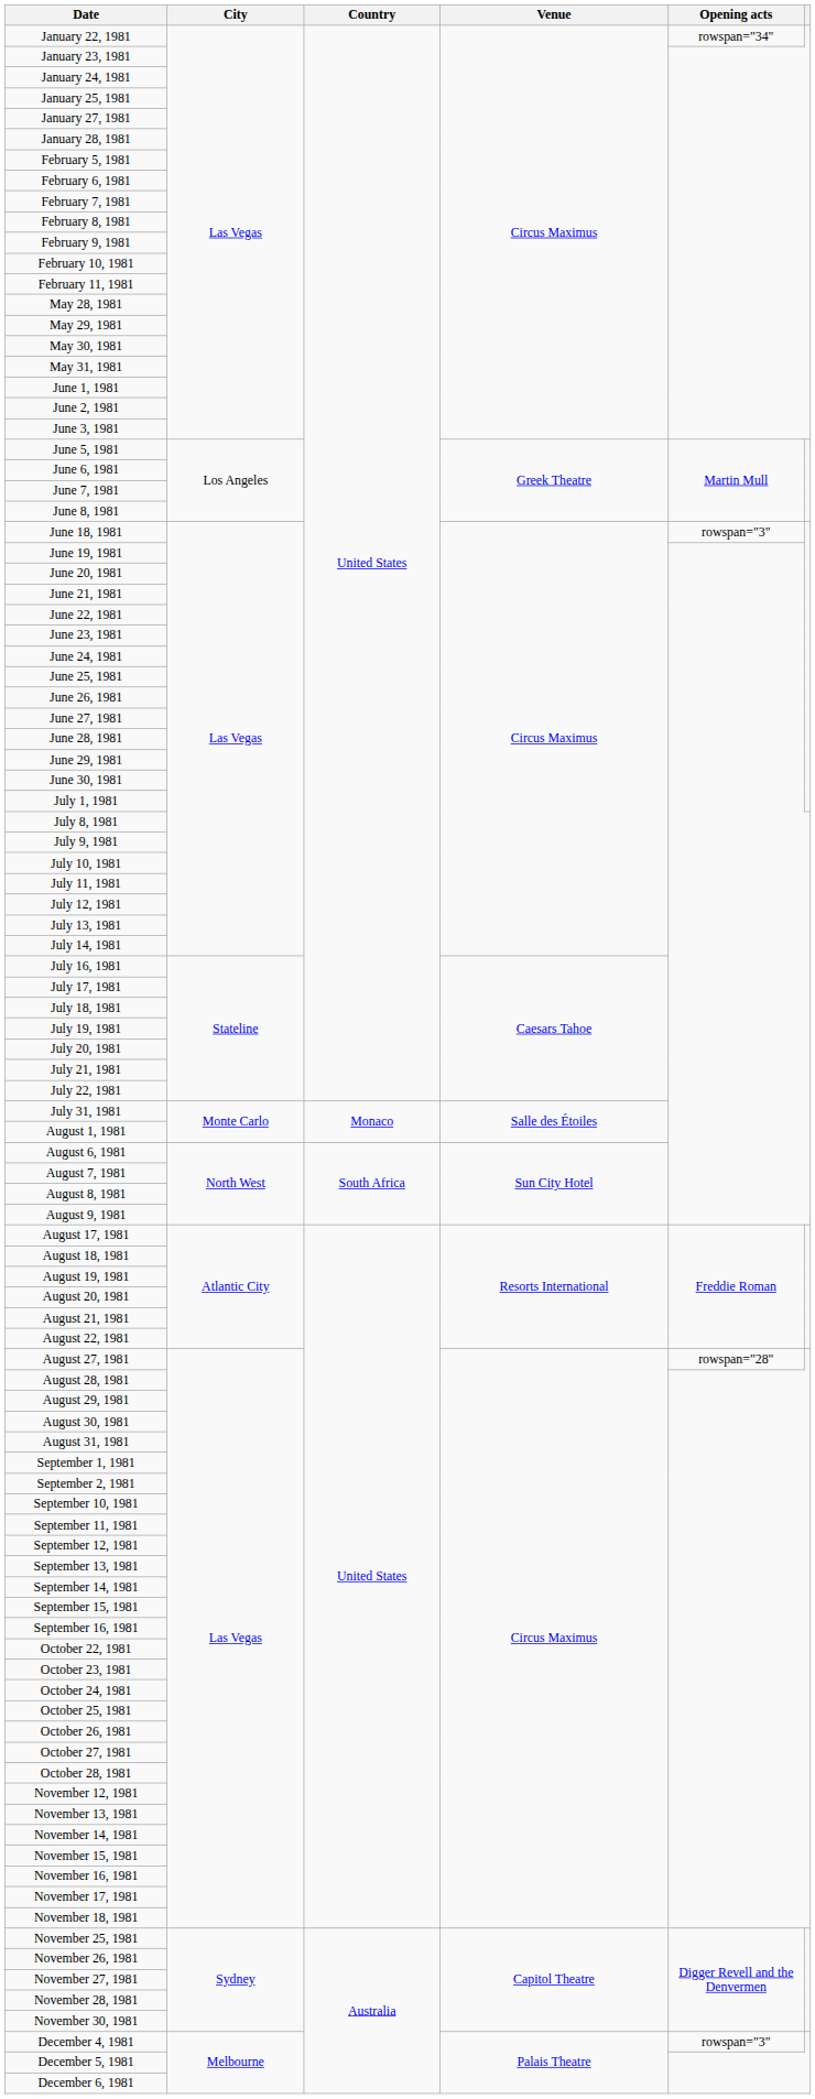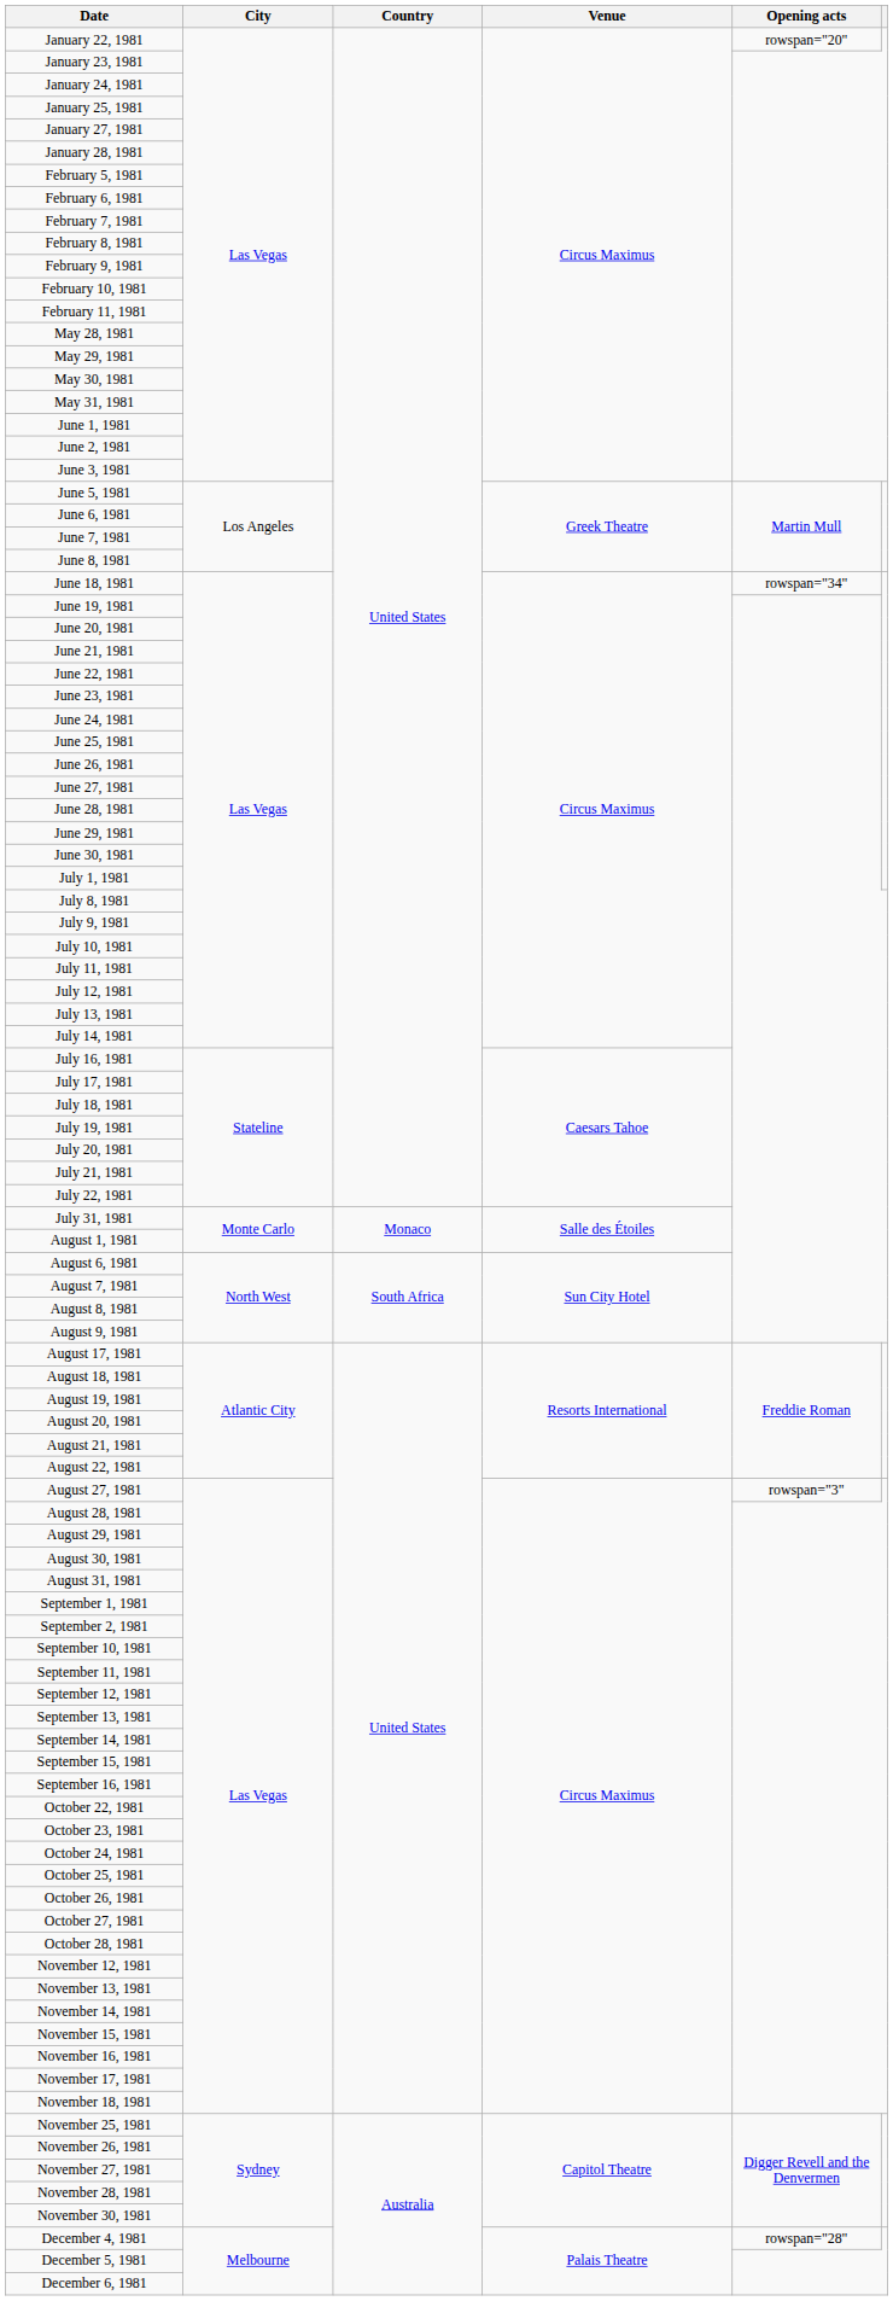 <table class="wikitable" id="1981" style="text-align:center;">
 <tr>
 <th scope="col" style="width:12em;">Date</th>
 <th scope="col" style="width:10em;">City</th>
 <th scope="col" style="width:10em;">Country</th>
 <th scope="col" style="width:17em;">Venue</th>
 <th scope="col" style="width:10em;">Opening acts</th>
 <th scope="col" class="unsortable"></th>
 </tr>
 <tr>
 <td>January 22, 1981</td>
 <td rowspan="20"><a href='#'>Las Vegas</a></td>
 <td rowspan="52"><a href='#'>United States</a></td>
 <td rowspan="20"><a href='#'>Circus Maximus</a></td>
-<td>rowspan="34" </td>
+<td>rowspan="20" </td>
 </tr>
 <tr>
 <td>January 23, 1981</td>
 </tr>
 <tr>
 <td>January 24, 1981</td>
 </tr>
 <tr>
 <td>January 25, 1981</td>
 </tr>
 <tr>
 <td>January 27, 1981</td>
 </tr>
 <tr>
 <td>January 28, 1981</td>
 </tr>
 <tr>
 <td>February 5, 1981</td>
 </tr>
 <tr>
 <td>February 6, 1981</td>
 </tr>
 <tr>
 <td>February 7, 1981</td>
 </tr>
 <tr>
 <td>February 8, 1981</td>
 </tr>
 <tr>
 <td>February 9, 1981</td>
 </tr>
 <tr>
 <td>February 10, 1981</td>
 </tr>
 <tr>
 <td>February 11, 1981</td>
 </tr>
 <tr>
 <td>May 28, 1981</td>
 </tr>
 <tr>
 <td>May 29, 1981</td>
 </tr>
 <tr>
 <td>May 30, 1981</td>
 </tr>
 <tr>
 <td>May 31, 1981</td>
 </tr>
 <tr>
 <td>June 1, 1981</td>
 </tr>
 <tr>
 <td>June 2, 1981</td>
 </tr>
 <tr>
 <td>June 3, 1981</td>
 </tr>
 <tr>
 <td>June 5, 1981</td>
 <td rowspan="4">Los Angeles</td>
 <td rowspan="4"><a href='#'>Greek Theatre</a></td>
 <td rowspan="4"><a href='#'>Martin Mull</a></td>
 <td rowspan="4"></td>
 </tr>
 <tr>
 <td>June 6, 1981</td>
 </tr>
 <tr>
 <td>June 7, 1981</td>
 </tr>
 <tr>
 <td>June 8, 1981</td>
 </tr>
 <tr>
 <td>June 18, 1981</td>
 <td rowspan="21"><a href='#'>Las Vegas</a></td>
 <td rowspan="21"><a href='#'>Circus Maximus</a></td>
-<td>rowspan="3" </td>
+<td>rowspan="34" </td>
 <td rowspan="14"></td>
 </tr>
 <tr>
 <td>June 19, 1981</td>
 </tr>
 <tr>
 <td>June 20, 1981</td>
 </tr>
 <tr>
 <td>June 21, 1981</td>
 </tr>
 <tr>
 <td>June 22, 1981</td>
 </tr>
 <tr>
 <td>June 23, 1981</td>
 </tr>
 <tr>
 <td>June 24, 1981</td>
 </tr>
 <tr>
 <td>June 25, 1981</td>
 </tr>
 <tr>
 <td>June 26, 1981</td>
 </tr>
 <tr>
 <td>June 27, 1981</td>
 </tr>
 <tr>
 <td>June 28, 1981</td>
 </tr>
 <tr>
 <td>June 29, 1981</td>
 </tr>
 <tr>
 <td>June 30, 1981</td>
 </tr>
 <tr>
 <td>July 1, 1981</td>
 </tr>
 <tr>
 <td>July 8, 1981</td>
 </tr>
 <tr>
 <td>July 9, 1981</td>
 </tr>
 <tr>
 <td>July 10, 1981</td>
 </tr>
 <tr>
 <td>July 11, 1981</td>
 </tr>
 <tr>
 <td>July 12, 1981</td>
 </tr>
 <tr>
 <td>July 13, 1981</td>
 </tr>
 <tr>
 <td>July 14, 1981</td>
 </tr>
 <tr>
 <td>July 16, 1981</td>
 <td rowspan="7"><a href='#'>Stateline</a></td>
 <td rowspan="7"><a href='#'>Caesars Tahoe</a></td>
 </tr>
 <tr>
 <td>July 17, 1981</td>
 </tr>
 <tr>
 <td>July 18, 1981</td>
 </tr>
 <tr>
 <td>July 19, 1981</td>
 </tr>
 <tr>
 <td>July 20, 1981</td>
 </tr>
 <tr>
 <td>July 21, 1981</td>
 </tr>
 <tr>
 <td>July 22, 1981</td>
 </tr>
 <tr>
 <td>July 31, 1981</td>
 <td rowspan="2"><a href='#'>Monte Carlo</a></td>
 <td rowspan="2"><a href='#'>Monaco</a></td>
 <td rowspan="2"><a href='#'>Salle des Étoiles</a></td>
 </tr>
 <tr>
 <td>August 1, 1981</td>
 </tr>
 <tr>
 <td>August 6, 1981</td>
 <td rowspan="4"><a href='#'>North West</a></td>
 <td rowspan="4"><a href='#'>South Africa</a></td>
 <td rowspan="4"><a href='#'>Sun City Hotel</a></td>
 </tr>
 <tr>
 <td>August 7, 1981</td>
 </tr>
 <tr>
 <td>August 8, 1981</td>
 </tr>
 <tr>
 <td>August 9, 1981</td>
 </tr>
 <tr>
 <td>August 17, 1981</td>
 <td rowspan="6"><a href='#'>Atlantic City</a></td>
 <td rowspan="34"><a href='#'>United States</a></td>
 <td rowspan="6"><a href='#'>Resorts International</a></td>
 <td rowspan="6"><a href='#'>Freddie Roman</a></td>
 <td rowspan="6"></td>
 </tr>
 <tr>
 <td>August 18, 1981</td>
 </tr>
 <tr>
 <td>August 19, 1981</td>
 </tr>
 <tr>
 <td>August 20, 1981</td>
 </tr>
 <tr>
 <td>August 21, 1981</td>
 </tr>
 <tr>
 <td>August 22, 1981</td>
 </tr>
 <tr>
 <td>August 27, 1981</td>
 <td rowspan="28"><a href='#'>Las Vegas</a></td>
 <td rowspan="28"><a href='#'>Circus Maximus</a></td>
-<td>rowspan="28" </td>
+<td>rowspan="3" </td>
 </tr>
 <tr>
 <td>August 28, 1981</td>
 </tr>
 <tr>
 <td>August 29, 1981</td>
 </tr>
 <tr>
 <td>August 30, 1981</td>
 </tr>
 <tr>
 <td>August 31, 1981</td>
 </tr>
 <tr>
 <td>September 1, 1981</td>
 </tr>
 <tr>
 <td>September 2, 1981</td>
 </tr>
 <tr>
 <td>September 10, 1981</td>
 </tr>
 <tr>
 <td>September 11, 1981</td>
 </tr>
 <tr>
 <td>September 12, 1981</td>
 </tr>
 <tr>
 <td>September 13, 1981</td>
 </tr>
 <tr>
 <td>September 14, 1981</td>
 </tr>
 <tr>
 <td>September 15, 1981</td>
 </tr>
 <tr>
 <td>September 16, 1981</td>
 </tr>
 <tr>
 <td>October 22, 1981</td>
 </tr>
 <tr>
 <td>October 23, 1981</td>
 </tr>
 <tr>
 <td>October 24, 1981</td>
 </tr>
 <tr>
 <td>October 25, 1981</td>
 </tr>
 <tr>
 <td>October 26, 1981</td>
 </tr>
 <tr>
 <td>October 27, 1981</td>
 </tr>
 <tr>
 <td>October 28, 1981</td>
 </tr>
 <tr>
 <td>November 12, 1981</td>
 </tr>
 <tr>
 <td>November 13, 1981</td>
 </tr>
 <tr>
 <td>November 14, 1981</td>
 </tr>
 <tr>
 <td>November 15, 1981</td>
 </tr>
 <tr>
 <td>November 16, 1981</td>
 </tr>
 <tr>
 <td>November 17, 1981</td>
 </tr>
 <tr>
 <td>November 18, 1981</td>
 </tr>
 <tr>
 <td>November 25, 1981</td>
 <td rowspan="5"><a href='#'>Sydney</a></td>
 <td rowspan="8"><a href='#'>Australia</a></td>
 <td rowspan="5"><a href='#'>Capitol Theatre</a></td>
 <td rowspan="5"><a href='#'>Digger Revell and the Denvermen</a></td>
 <td rowspan="5"></td>
 </tr>
 <tr>
 <td>November 26, 1981</td>
 </tr>
 <tr>
 <td>November 27, 1981</td>
 </tr>
 <tr>
 <td>November 28, 1981</td>
 </tr>
 <tr>
 <td>November 30, 1981</td>
 </tr>
 <tr>
 <td>December 4, 1981</td>
 <td rowspan="3"><a href='#'>Melbourne</a></td>
 <td rowspan="3"><a href='#'>Palais Theatre</a></td>
-<td>rowspan="3" </td>
+<td>rowspan="28" </td>
 </tr>
 <tr>
 <td>December 5, 1981</td>
 </tr>
 <tr>
 <td>December 6, 1981</td>
 </tr>
 </table>
